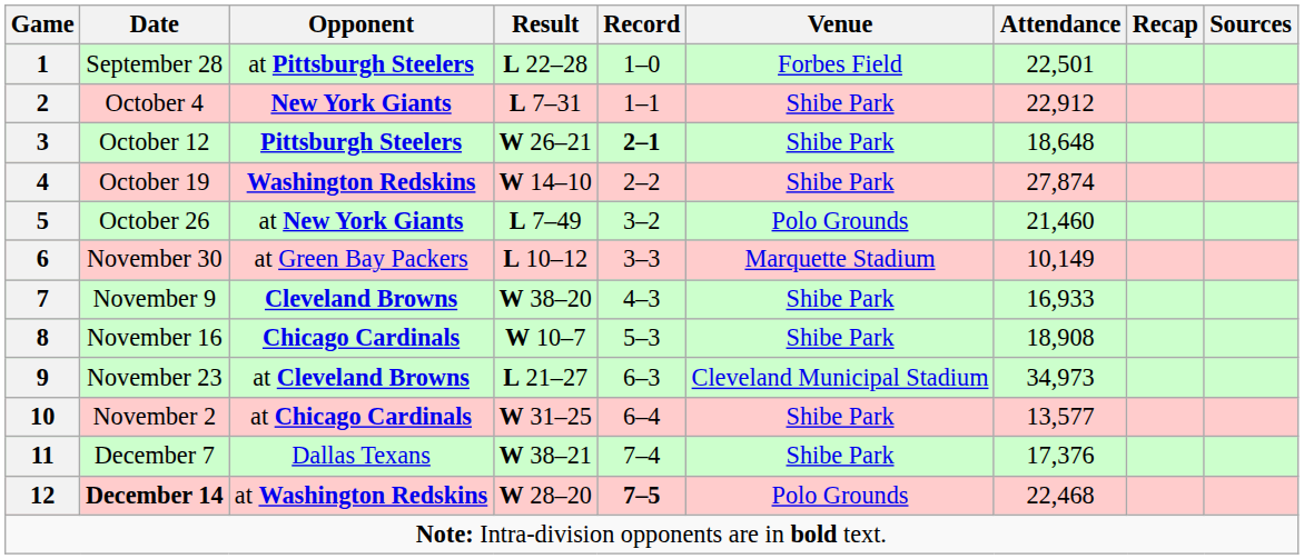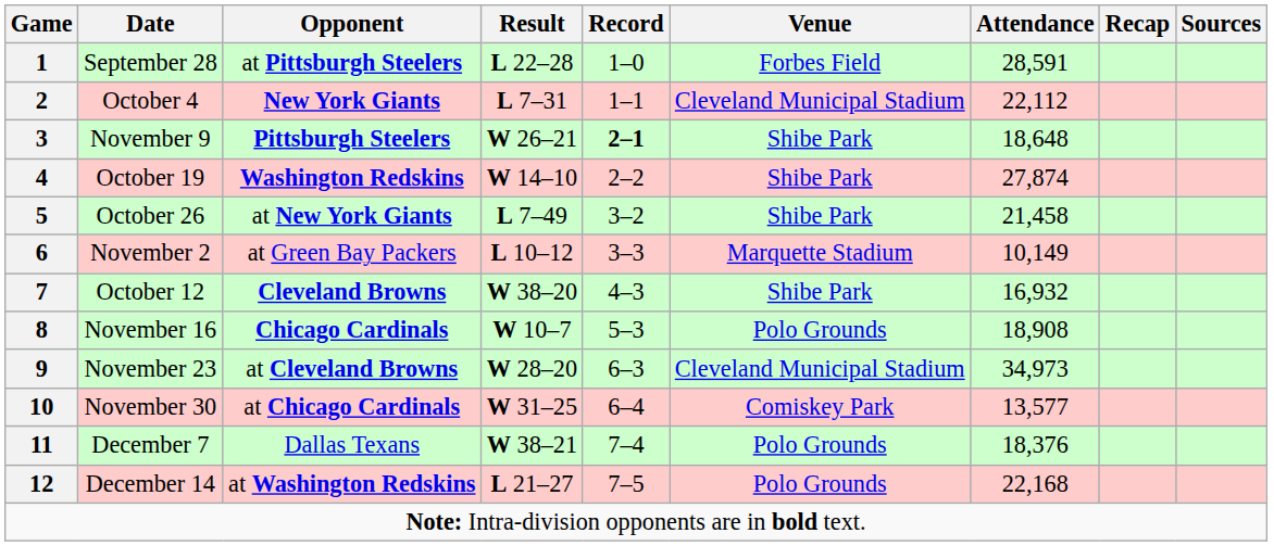 <table class="wikitable" style="text-align:center">
 <tr>
 <th>Game</th>
 <th>Date</th>
 <th>Opponent</th>
 <th>Result</th>
 <th>Record</th>
 <th>Venue</th>
 <th>Attendance</th>
 <th>Recap</th>
 <th>Sources</th>
 </tr>
 <tr style="background:#cfc">
 <th>1</th>
 <td>September 28</td>
 <td>at <strong><a href='#'>Pittsburgh Steelers</a></strong></td>
 <td><strong>L</strong> 22–28</td>
 <td>1–0</td>
 <td><a href='#'>Forbes Field</a></td>
-<td>22,501</td>
+<td>28,591</td>
 <td></td>
 <td></td>
 </tr>
 <tr style="background:#fcc">
 <th>2</th>
 <td>October 4</td>
 <td><strong><a href='#'>New York Giants</a></strong></td>
 <td><strong>L</strong> 7–31</td>
 <td>1–1</td>
-<td><a href='#'>Shibe Park</a></td>
-<td>22,912</td>
+<td><a href='#'>Cleveland Municipal Stadium</a></td>
+<td>22,112</td>
 <td></td>
 <td></td>
 </tr>
 <tr style="background:#cfc">
 <th>3</th>
-<td>October 12</td>
+<td>November 9</td>
 <td><strong><a href='#'>Pittsburgh Steelers</a></strong></td>
 <td><strong>W</strong> 26–21</td>
 <td><strong>2–1</strong></td>
 <td><a href='#'>Shibe Park</a></td>
 <td>18,648</td>
 <td></td>
 <td></td>
 </tr>
 <tr style="background:#fcc">
 <th>4</th>
 <td>October 19</td>
 <td><strong><a href='#'>Washington Redskins</a></strong></td>
 <td><strong>W</strong> 14–10</td>
 <td>2–2</td>
 <td><a href='#'>Shibe Park</a></td>
 <td>27,874</td>
 <td></td>
 <td></td>
 </tr>
 <tr style="background:#cfc">
 <th>5</th>
 <td>October 26</td>
 <td>at <strong><a href='#'>New York Giants</a></strong></td>
 <td><strong>L</strong> 7–49</td>
 <td>3–2</td>
-<td><a href='#'>Polo Grounds</a></td>
-<td>21,460</td>
+<td><a href='#'>Shibe Park</a></td>
+<td>21,458</td>
 <td></td>
 <td></td>
 </tr>
 <tr style="background:#fcc">
 <th>6</th>
-<td>November 30</td>
+<td>November 2</td>
 <td>at <a href='#'>Green Bay Packers</a></td>
 <td><strong>L</strong> 10–12</td>
 <td>3–3</td>
 <td><a href='#'>Marquette Stadium</a></td>
 <td>10,149</td>
 <td></td>
 <td></td>
 </tr>
 <tr style="background:#cfc">
 <th>7</th>
-<td>November 9</td>
+<td>October 12</td>
 <td><strong><a href='#'>Cleveland Browns</a></strong></td>
 <td><strong>W</strong> 38–20</td>
 <td>4–3</td>
 <td><a href='#'>Shibe Park</a></td>
-<td>16,933</td>
+<td>16,932</td>
 <td></td>
 <td></td>
 </tr>
 <tr style="background:#cfc">
 <th>8</th>
 <td>November 16</td>
 <td><strong><a href='#'>Chicago Cardinals</a></strong></td>
 <td><strong>W</strong> 10–7</td>
 <td>5–3</td>
-<td><a href='#'>Shibe Park</a></td>
+<td><a href='#'>Polo Grounds</a></td>
 <td>18,908</td>
 <td></td>
 <td></td>
 </tr>
 <tr style="background:#cfc">
 <th>9</th>
 <td>November 23</td>
 <td>at <strong><a href='#'>Cleveland Browns</a></strong></td>
-<td><strong>L</strong> 21–27</td>
+<td><strong>W</strong> 28–20</td>
 <td>6–3</td>
 <td><a href='#'>Cleveland Municipal Stadium</a></td>
 <td>34,973</td>
 <td></td>
 <td></td>
 </tr>
 <tr style="background:#fcc">
 <th>10</th>
-<td>November 2</td>
+<td>November 30</td>
 <td>at <strong><a href='#'>Chicago Cardinals</a></strong></td>
 <td><strong>W</strong> 31–25</td>
 <td>6–4</td>
-<td><a href='#'>Shibe Park</a></td>
+<td><a href='#'>Comiskey Park</a></td>
 <td>13,577</td>
 <td></td>
 <td></td>
 </tr>
 <tr style="background:#cfc">
 <th>11</th>
 <td>December 7</td>
 <td><a href='#'>Dallas Texans</a></td>
 <td><strong>W</strong> 38–21</td>
 <td>7–4</td>
-<td><a href='#'>Shibe Park</a></td>
-<td>17,376</td>
+<td><a href='#'>Polo Grounds</a></td>
+<td>18,376</td>
 <td></td>
 <td></td>
 </tr>
 <tr style="background:#fcc">
 <th>12</th>
-<td><strong>December 14</strong></td>
+<td>December 14</td>
 <td>at <strong><a href='#'>Washington Redskins</a></strong></td>
-<td><strong>W</strong> 28–20</td>
-<td><strong>7–5</strong></td>
+<td><strong>L</strong> 21–27</td>
+<td>7–5</td>
 <td><a href='#'>Polo Grounds</a></td>
-<td>22,468</td>
+<td>22,168</td>
 <td></td>
 <td></td>
 </tr>
 <tr>
 <td colspan="10"><strong>Note:</strong> Intra-division opponents are in <strong>bold</strong> text.</td>
 </tr>
 </table>
